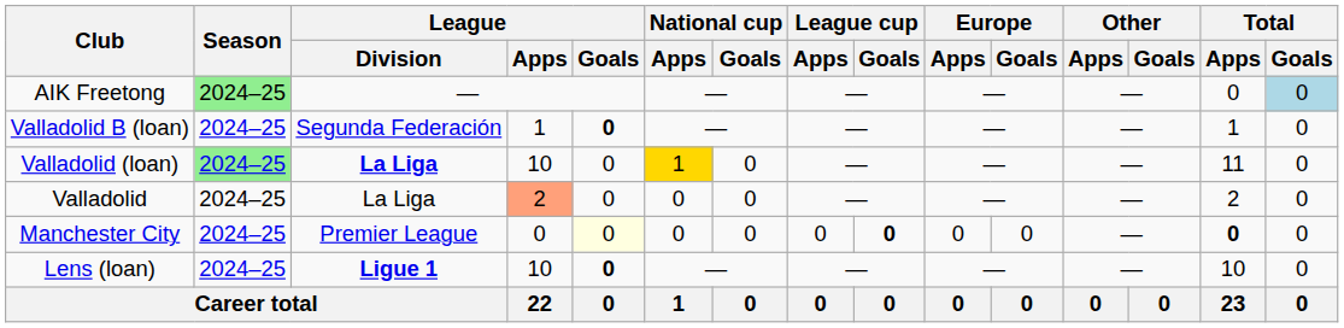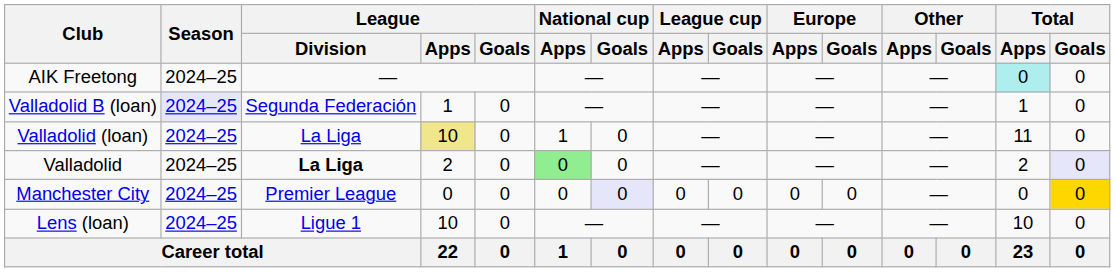 <table class="wikitable" style="text-align: center;">
 <tr>
 <th rowspan="2">Club</th>
 <th rowspan="2">Season</th>
 <th colspan="3">League</th>
 <th colspan="2">National cup</th>
 <th colspan="2">League cup</th>
 <th colspan="2">Europe</th>
 <th colspan="2">Other</th>
 <th colspan="2">Total</th>
 </tr>
 <tr>
 <th>Division</th>
 <th>Apps</th>
 <th>Goals</th>
 <th>Apps</th>
 <th>Goals</th>
 <th>Apps</th>
 <th>Goals</th>
 <th>Apps</th>
 <th>Goals</th>
 <th>Apps</th>
 <th>Goals</th>
 <th>Apps</th>
 <th>Goals</th>
 </tr>
 <tr>
 <td>AIK Freetong</td>
-<td style="background: lightgreen;">2024–25</td>
+<td>2024–25</td>
 <td colspan="3">—</td>
 <td colspan="2">—</td>
 <td colspan="2">—</td>
 <td colspan="2">—</td>
 <td colspan="2">—</td>
+<td style="background: paleturquoise;">0</td>
 <td>0</td>
-<td style="background: lightblue;">0</td>
 </tr>
 <tr>
 <td><a href='#'>Valladolid B</a> (loan)</td>
-<td><a href='#'>2024–25</a></td>
+<td style="background: lavender;"><a href='#'>2024–25</a></td>
 <td><a href='#'>Segunda Federación</a></td>
 <td>1</td>
-<td><strong>0</strong></td>
+<td>0</td>
 <td colspan="2">—</td>
 <td colspan="2">—</td>
 <td colspan="2">—</td>
 <td colspan="2">—</td>
 <td>1</td>
 <td>0</td>
 </tr>
 <tr>
 <td><a href='#'>Valladolid</a> (loan)</td>
-<td style="background: lightgreen;"><a href='#'>2024–25</a></td>
-<td><strong><a href='#'>La Liga</a></strong></td>
-<td>10</td>
+<td><a href='#'>2024–25</a></td>
+<td><a href='#'>La Liga</a></td>
+<td style="background: khaki;">10</td>
 <td>0</td>
-<td style="background: gold;">1</td>
+<td>1</td>
 <td>0</td>
 <td colspan="2">—</td>
 <td colspan="2">—</td>
 <td colspan="2">—</td>
 <td>11</td>
 <td>0</td>
 </tr>
 <tr>
 <td>Valladolid</td>
 <td>2024–25</td>
-<td>La Liga</td>
-<td style="background: lightsalmon;">2</td>
+<td><strong>La Liga</strong></td>
+<td>2</td>
 <td>0</td>
-<td>0</td>
+<td style="background: lightgreen;">0</td>
 <td>0</td>
 <td colspan="2">—</td>
 <td colspan="2">—</td>
 <td colspan="2">—</td>
 <td>2</td>
-<td>0</td>
+<td style="background: lavender;">0</td>
 </tr>
 <tr>
 <td><a href='#'>Manchester City</a></td>
 <td><a href='#'>2024–25</a></td>
 <td><a href='#'>Premier League</a></td>
 <td>0</td>
-<td style="background: lightyellow;">0</td>
+<td>0</td>
+<td>0</td>
+<td style="background: lavender;">0</td>
 <td>0</td>
 <td>0</td>
 <td>0</td>
-<td><strong>0</strong></td>
-<td>0</td>
 <td>0</td>
 <td colspan="2">—</td>
-<td><strong>0</strong></td>
 <td>0</td>
+<td style="background: gold;">0</td>
 </tr>
 <tr>
 <td><a href='#'>Lens</a> (loan)</td>
 <td><a href='#'>2024–25</a></td>
-<td><strong><a href='#'>Ligue 1</a></strong></td>
+<td><a href='#'>Ligue 1</a></td>
 <td>10</td>
-<td><strong>0</strong></td>
+<td>0</td>
 <td colspan="2">—</td>
 <td colspan="2">—</td>
 <td colspan="2">—</td>
 <td colspan="2">—</td>
 <td>10</td>
 <td>0</td>
 </tr>
 <tr>
 <th colspan="3">Career total</th>
 <th>22</th>
 <th>0</th>
 <th>1</th>
 <th>0</th>
 <th>0</th>
 <th>0</th>
 <th>0</th>
 <th>0</th>
 <th>0</th>
 <th>0</th>
 <th>23</th>
 <th>0</th>
 </tr>
 </table>
